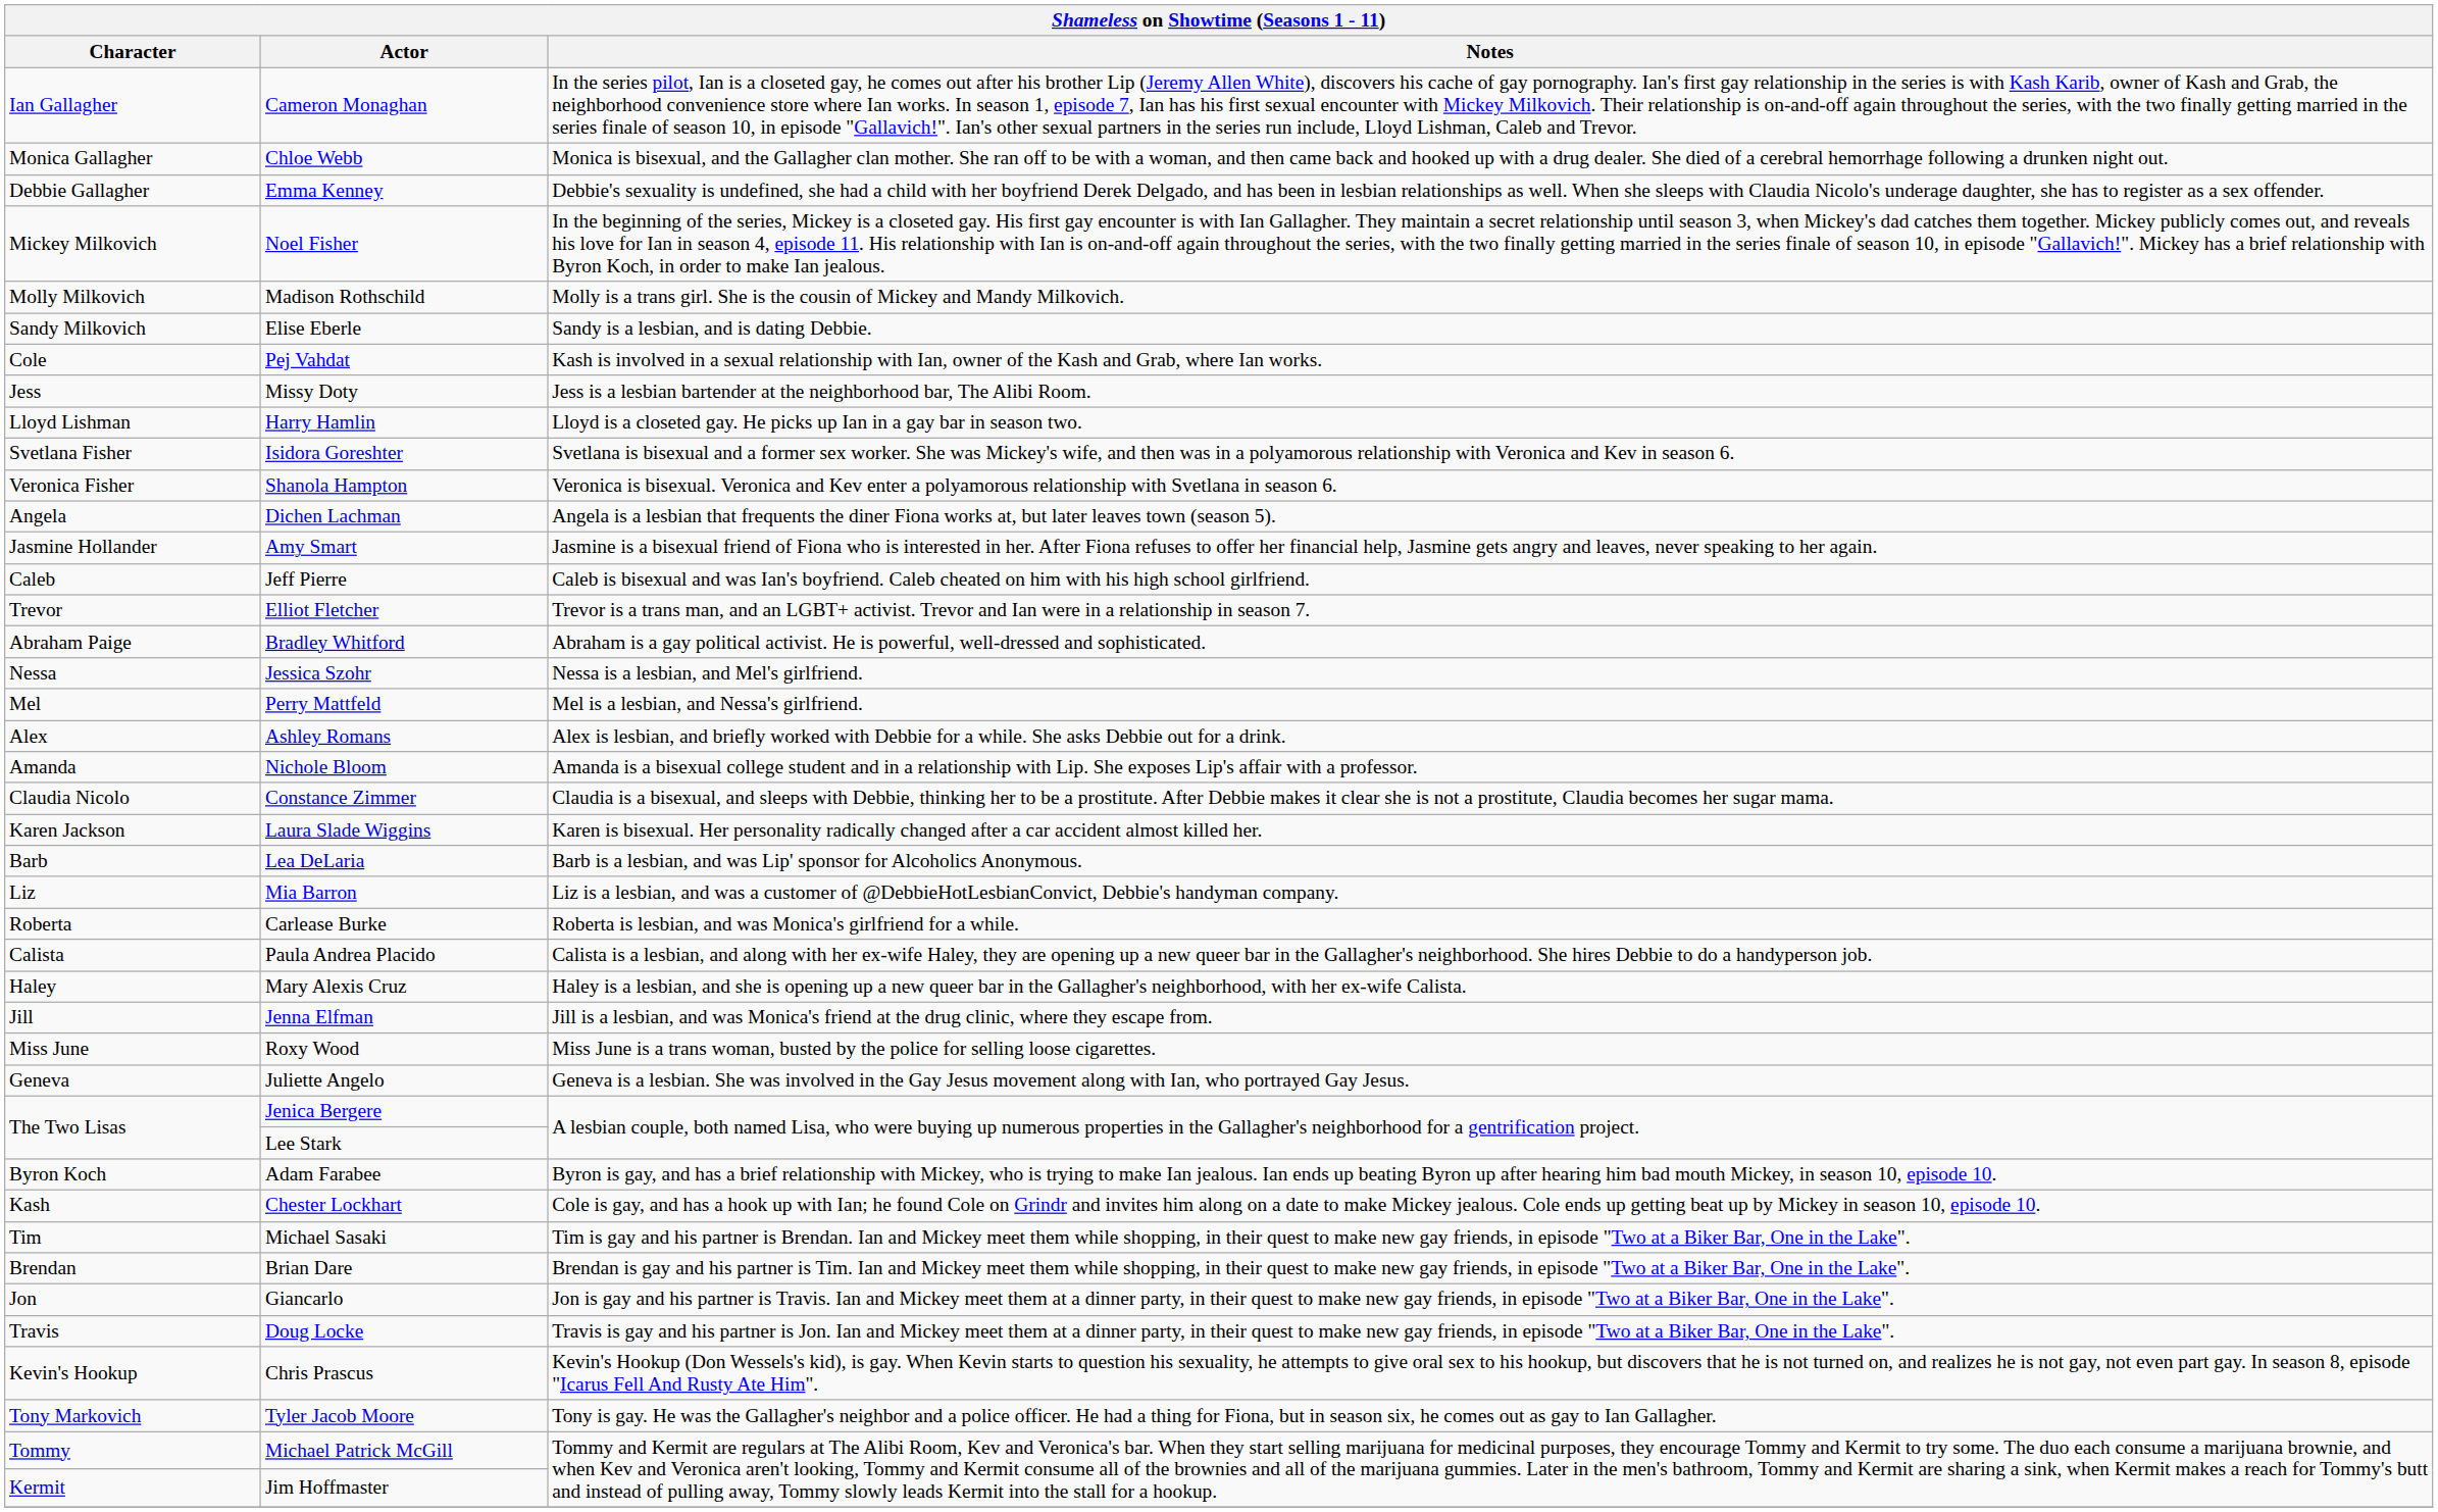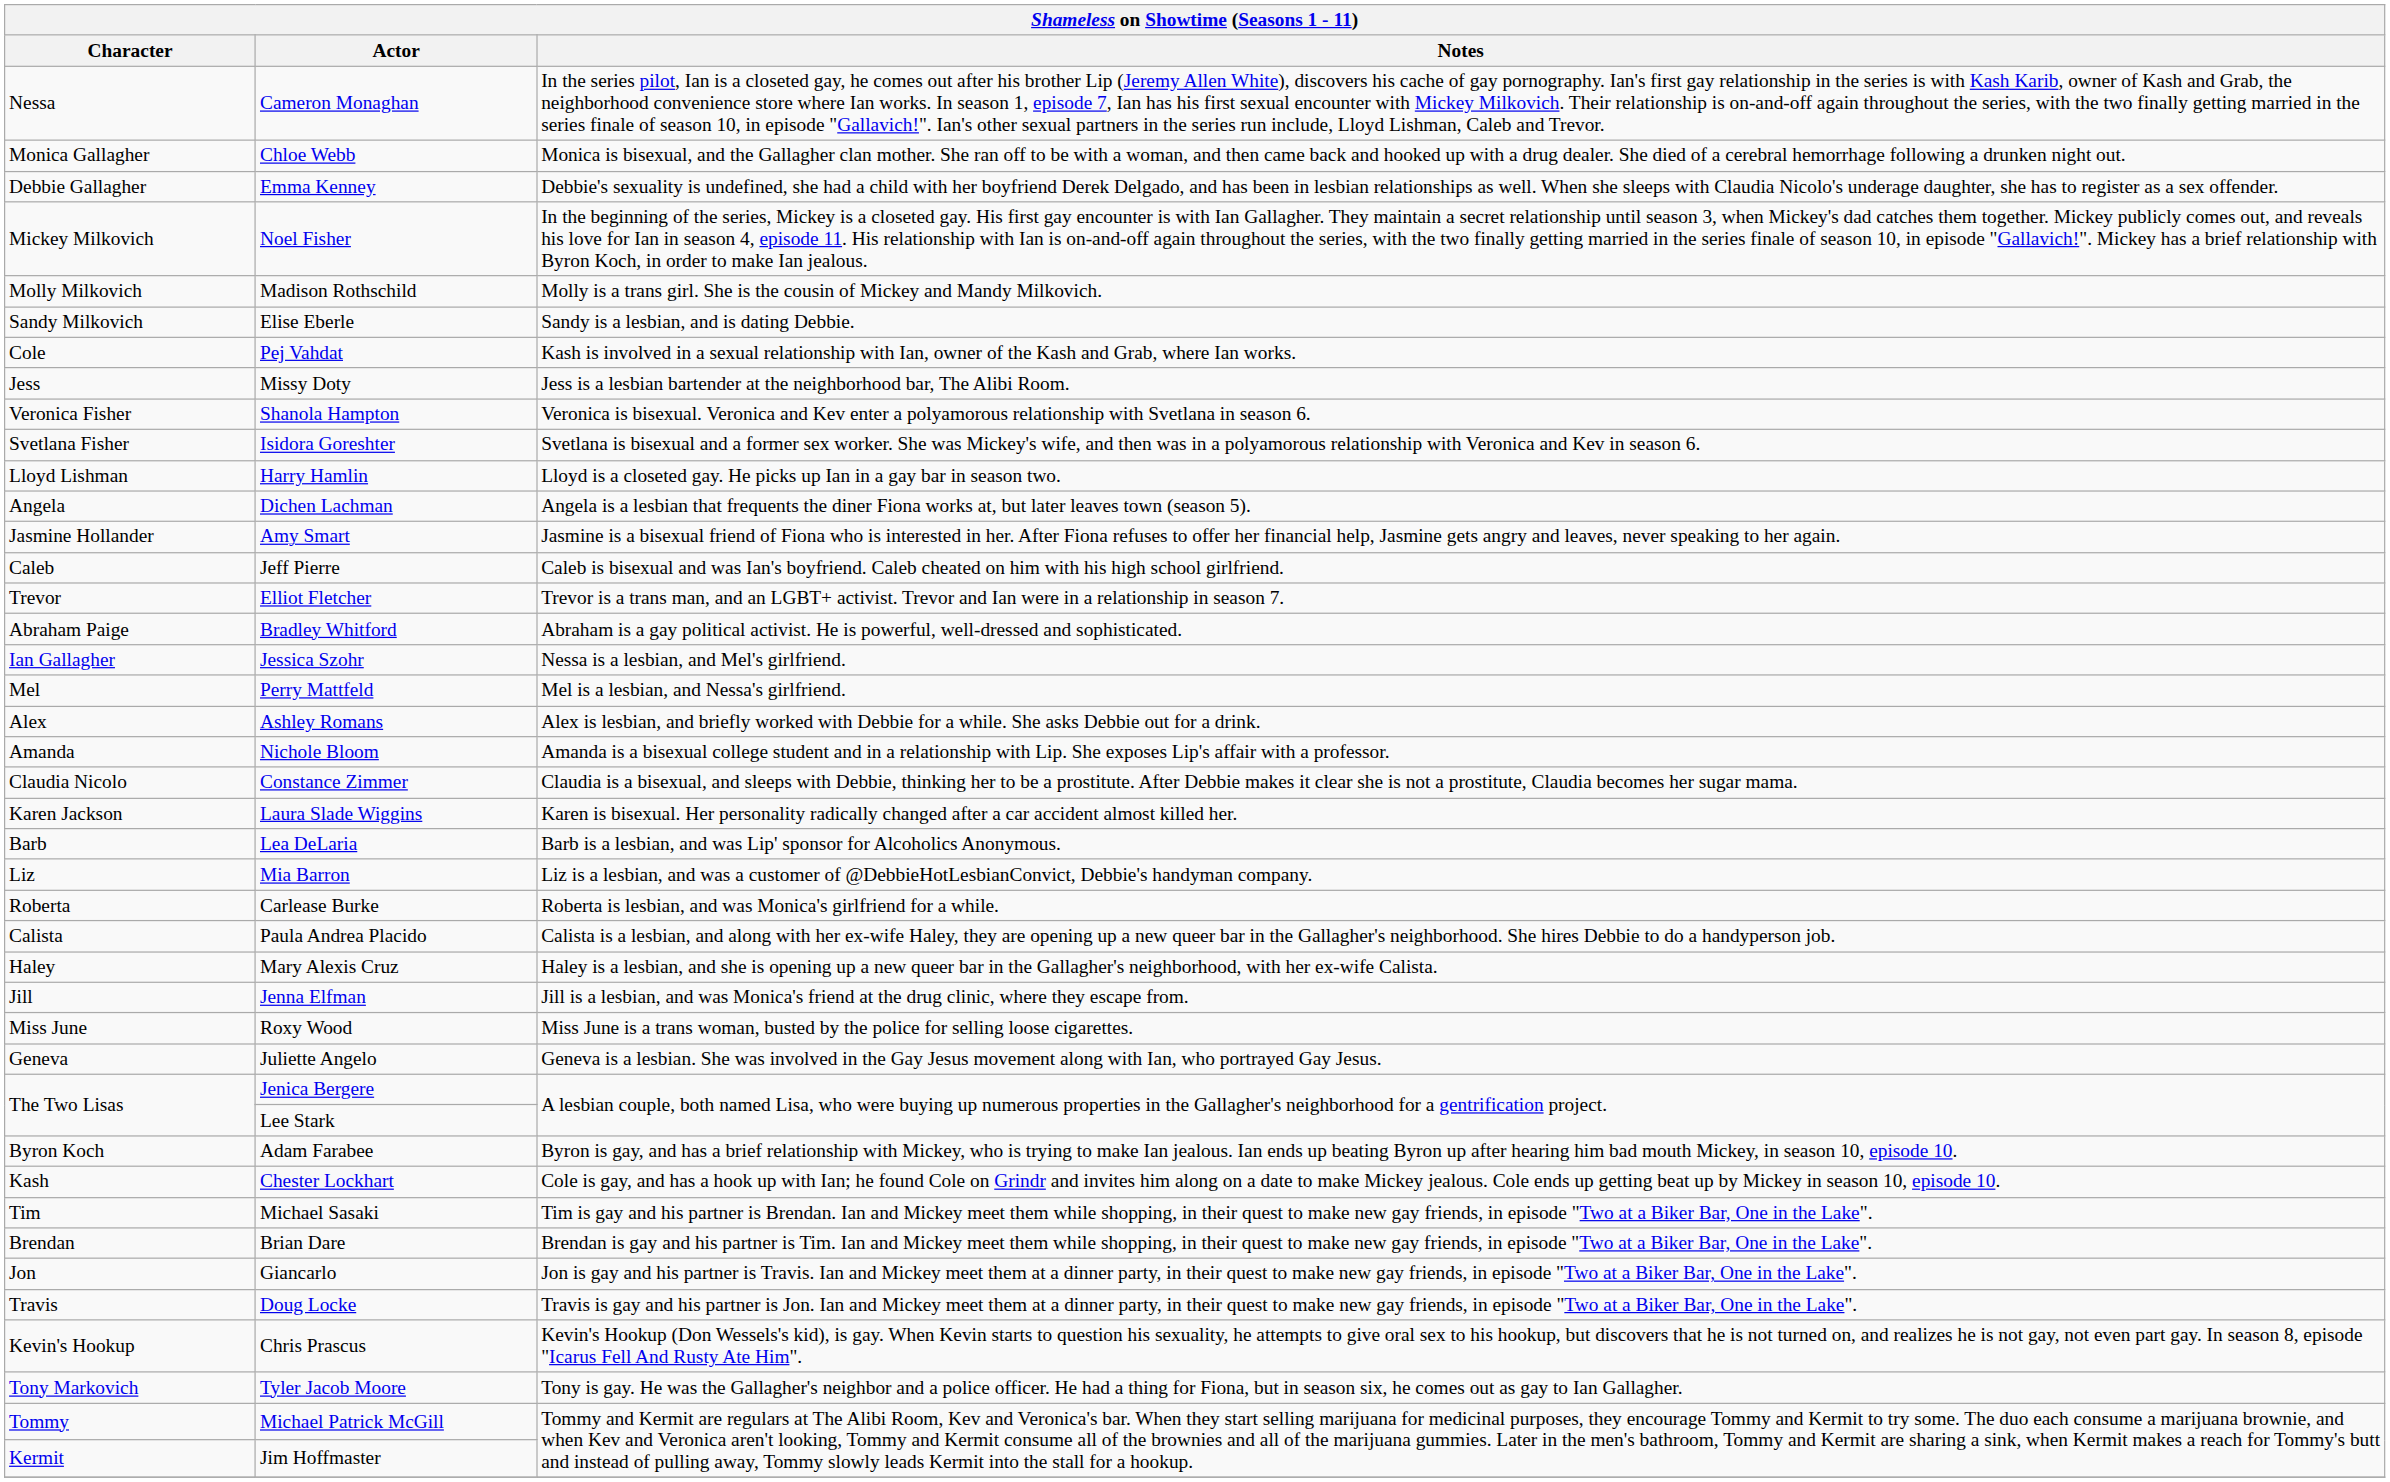 <table class="wikitable" style="margins:auto; width=100%;">
 <tr>
 <th colspan="3"><em><a href='#'>Shameless</a></em> on <a href='#'>Showtime</a> (<a href='#'>Seasons 1 - 11</a>)</th>
 </tr>
 <tr>
 <th style="width:200px;">Character</th>
 <th style="width:225px;">Actor</th>
 <th>Notes</th>
 </tr>
 <tr>
-<td><a href='#'>Ian Gallagher</a></td>
+<td>Nessa</td>
 <td><a href='#'>Cameron Monaghan</a></td>
 <td>In the series <a href='#'>pilot</a>, Ian is a closeted gay, he comes out after his brother Lip (<a href='#'>Jeremy Allen White</a>), discovers his cache of gay pornography. Ian's first gay relationship in the series is with <a href='#'>Kash Karib</a>, owner of Kash and Grab, the neighborhood convenience store where Ian works. In season 1, <a href='#'>episode 7</a>, Ian has his first sexual encounter with <a href='#'>Mickey Milkovich</a>. Their relationship is on-and-off again throughout the series, with the two finally getting married in the series finale of season 10, in episode "<a href='#'>Gallavich!</a>". Ian's other sexual partners in the series run include, Lloyd Lishman, Caleb and Trevor.</td>
 </tr>
 <tr>
 <td>Monica Gallagher</td>
 <td><a href='#'>Chloe Webb</a></td>
 <td>Monica is bisexual, and the Gallagher clan mother. She ran off to be with a woman, and then came back and hooked up with a drug dealer. She died of a cerebral hemorrhage following a drunken night out.</td>
 </tr>
 <tr>
 <td>Debbie Gallagher</td>
 <td><a href='#'>Emma Kenney</a></td>
 <td>Debbie's sexuality is undefined, she had a child with her boyfriend Derek Delgado, and has been in lesbian relationships as well. When she sleeps with Claudia Nicolo's underage daughter, she has to register as a sex offender.</td>
 </tr>
 <tr>
 <td>Mickey Milkovich</td>
 <td><a href='#'>Noel Fisher</a></td>
 <td>In the beginning of the series, Mickey is a closeted gay. His first gay encounter is with Ian Gallagher. They maintain a secret relationship until season 3, when Mickey's dad catches them together. Mickey publicly comes out, and reveals his love for Ian in season 4, <a href='#'>episode 11</a>. His relationship with Ian is on-and-off again throughout the series, with the two finally getting married in the series finale of season 10, in episode "<a href='#'>Gallavich!</a>". Mickey has a brief relationship with Byron Koch, in order to make Ian jealous.</td>
 </tr>
 <tr>
 <td>Molly Milkovich</td>
 <td>Madison Rothschild</td>
 <td>Molly is a trans girl. She is the cousin of Mickey and Mandy Milkovich.</td>
 </tr>
 <tr>
 <td>Sandy Milkovich</td>
 <td>Elise Eberle</td>
 <td>Sandy is a lesbian, and is dating Debbie.</td>
 </tr>
 <tr>
 <td>Cole</td>
 <td><a href='#'>Pej Vahdat</a></td>
 <td>Kash is involved in a sexual relationship with Ian, owner of the Kash and Grab, where Ian works.</td>
 </tr>
 <tr>
 <td>Jess</td>
 <td>Missy Doty</td>
 <td>Jess is a lesbian bartender at the neighborhood bar, The Alibi Room.</td>
 </tr>
 <tr>
-<td>Lloyd Lishman</td>
-<td><a href='#'>Harry Hamlin</a></td>
-<td>Lloyd is a closeted gay. He picks up Ian in a gay bar in season two.</td>
+<td>Veronica Fisher</td>
+<td><a href='#'>Shanola Hampton</a></td>
+<td>Veronica is bisexual. Veronica and Kev enter a polyamorous relationship with Svetlana in season 6.</td>
 </tr>
 <tr>
 <td>Svetlana Fisher</td>
 <td><a href='#'>Isidora Goreshter</a></td>
 <td>Svetlana is bisexual and a former sex worker. She was Mickey's wife, and then was in a polyamorous relationship with Veronica and Kev in season 6.</td>
 </tr>
 <tr>
-<td>Veronica Fisher</td>
-<td><a href='#'>Shanola Hampton</a></td>
-<td>Veronica is bisexual. Veronica and Kev enter a polyamorous relationship with Svetlana in season 6.</td>
+<td>Lloyd Lishman</td>
+<td><a href='#'>Harry Hamlin</a></td>
+<td>Lloyd is a closeted gay. He picks up Ian in a gay bar in season two.</td>
 </tr>
 <tr>
 <td>Angela</td>
 <td><a href='#'>Dichen Lachman</a></td>
 <td>Angela is a lesbian that frequents the diner Fiona works at, but later leaves town (season 5).</td>
 </tr>
 <tr>
 <td>Jasmine Hollander</td>
 <td><a href='#'>Amy Smart</a></td>
 <td>Jasmine is a bisexual friend of Fiona who is interested in her. After Fiona refuses to offer her financial help, Jasmine gets angry and leaves, never speaking to her again.</td>
 </tr>
 <tr>
 <td>Caleb</td>
 <td>Jeff Pierre</td>
 <td>Caleb is bisexual and was Ian's boyfriend. Caleb cheated on him with his high school girlfriend.</td>
 </tr>
 <tr>
 <td>Trevor</td>
 <td><a href='#'>Elliot Fletcher</a></td>
 <td>Trevor is a trans man, and an LGBT+ activist. Trevor and Ian were in a relationship in season 7.</td>
 </tr>
 <tr>
 <td>Abraham Paige</td>
 <td><a href='#'>Bradley Whitford</a></td>
 <td>Abraham is a gay political activist. He is powerful, well-dressed and sophisticated.</td>
 </tr>
 <tr>
-<td>Nessa</td>
+<td><a href='#'>Ian Gallagher</a></td>
 <td><a href='#'>Jessica Szohr</a></td>
 <td>Nessa is a lesbian, and Mel's girlfriend.</td>
 </tr>
 <tr>
 <td>Mel</td>
 <td><a href='#'>Perry Mattfeld</a></td>
 <td>Mel is a lesbian, and Nessa's girlfriend.</td>
 </tr>
 <tr>
 <td>Alex</td>
 <td><a href='#'>Ashley Romans</a></td>
 <td>Alex is lesbian, and briefly worked with Debbie for a while. She asks Debbie out for a drink.</td>
 </tr>
 <tr>
 <td>Amanda</td>
 <td><a href='#'>Nichole Bloom</a></td>
 <td>Amanda is a bisexual college student and in a relationship with Lip. She exposes Lip's affair with a professor.</td>
 </tr>
 <tr>
 <td>Claudia Nicolo</td>
 <td><a href='#'>Constance Zimmer</a></td>
 <td>Claudia is a bisexual, and sleeps with Debbie, thinking her to be a prostitute. After Debbie makes it clear she is not a prostitute, Claudia becomes her sugar mama.</td>
 </tr>
 <tr>
 <td>Karen Jackson</td>
 <td><a href='#'>Laura Slade Wiggins</a></td>
 <td>Karen is bisexual. Her personality radically changed after a car accident almost killed her.</td>
 </tr>
 <tr>
 <td>Barb</td>
 <td><a href='#'>Lea DeLaria</a></td>
 <td>Barb is a lesbian, and was Lip' sponsor for Alcoholics Anonymous.</td>
 </tr>
 <tr>
 <td>Liz</td>
 <td><a href='#'>Mia Barron</a></td>
 <td>Liz is a lesbian, and was a customer of @DebbieHotLesbianConvict, Debbie's handyman company.</td>
 </tr>
 <tr>
 <td>Roberta</td>
 <td>Carlease Burke</td>
 <td>Roberta is lesbian, and was Monica's girlfriend for a while.</td>
 </tr>
 <tr>
 <td>Calista</td>
 <td>Paula Andrea Placido</td>
 <td>Calista is a lesbian, and along with her ex-wife Haley, they are opening up a new queer bar in the Gallagher's neighborhood. She hires Debbie to do a handyperson job.</td>
 </tr>
 <tr>
 <td>Haley</td>
 <td>Mary Alexis Cruz</td>
 <td>Haley is a lesbian, and she is opening up a new queer bar in the Gallagher's neighborhood, with her ex-wife Calista.</td>
 </tr>
 <tr>
 <td>Jill</td>
 <td><a href='#'>Jenna Elfman</a></td>
 <td>Jill is a lesbian, and was Monica's friend at the drug clinic, where they escape from.</td>
 </tr>
 <tr>
 <td>Miss June</td>
 <td>Roxy Wood</td>
 <td>Miss June is a trans woman, busted by the police for selling loose cigarettes.</td>
 </tr>
 <tr>
 <td>Geneva</td>
 <td>Juliette Angelo</td>
 <td>Geneva is a lesbian. She was involved in the Gay Jesus movement along with Ian, who portrayed Gay Jesus.</td>
 </tr>
 <tr>
 <td rowspan="2">The Two Lisas</td>
 <td><a href='#'>Jenica Bergere</a></td>
 <td rowspan="2">A lesbian couple, both named Lisa, who were buying up numerous properties in the Gallagher's neighborhood for a <a href='#'>gentrification</a> project.</td>
 </tr>
 <tr>
 <td>Lee Stark</td>
 </tr>
 <tr>
 <td>Byron Koch</td>
 <td>Adam Farabee</td>
 <td>Byron is gay, and has a brief relationship with Mickey, who is trying to make Ian jealous. Ian ends up beating Byron up after hearing him bad mouth Mickey, in season 10, <a href='#'>episode 10</a>.</td>
 </tr>
 <tr>
 <td>Kash</td>
 <td><a href='#'>Chester Lockhart</a></td>
 <td>Cole is gay, and has a hook up with Ian; he found Cole on <a href='#'>Grindr</a> and invites him along on a date to make Mickey jealous. Cole ends up getting beat up by Mickey in season 10, <a href='#'>episode 10</a>.</td>
 </tr>
 <tr>
 <td>Tim</td>
 <td>Michael Sasaki</td>
 <td>Tim is gay and his partner is Brendan. Ian and Mickey meet them while shopping, in their quest to make new gay friends, in episode "<a href='#'>Two at a Biker Bar, One in the Lake</a>".</td>
 </tr>
 <tr>
 <td>Brendan</td>
 <td>Brian Dare</td>
 <td>Brendan is gay and his partner is Tim. Ian and Mickey meet them while shopping, in their quest to make new gay friends, in episode "<a href='#'>Two at a Biker Bar, One in the Lake</a>".</td>
 </tr>
 <tr>
 <td>Jon</td>
 <td>Giancarlo</td>
 <td>Jon is gay and his partner is Travis. Ian and Mickey meet them at a dinner party, in their quest to make new gay friends, in episode "<a href='#'>Two at a Biker Bar, One in the Lake</a>".</td>
 </tr>
 <tr>
 <td>Travis</td>
 <td><a href='#'>Doug Locke</a></td>
 <td>Travis is gay and his partner is Jon. Ian and Mickey meet them at a dinner party, in their quest to make new gay friends, in episode "<a href='#'>Two at a Biker Bar, One in the Lake</a>".</td>
 </tr>
 <tr>
 <td>Kevin's Hookup</td>
 <td>Chris Prascus</td>
 <td>Kevin's Hookup (Don Wessels's kid), is gay. When Kevin starts to question his sexuality, he attempts to give oral sex to his hookup, but discovers that he is not turned on, and realizes he is not gay, not even part gay. In season 8, episode "<a href='#'>Icarus Fell And Rusty Ate Him</a>".</td>
 </tr>
 <tr>
 <td><a href='#'>Tony Markovich</a></td>
 <td><a href='#'>Tyler Jacob Moore</a></td>
 <td>Tony is gay. He was the Gallagher's neighbor and a police officer. He had a thing for Fiona, but in season six, he comes out as gay to Ian Gallagher.</td>
 </tr>
 <tr>
 <td><a href='#'>Tommy</a></td>
 <td><a href='#'>Michael Patrick McGill</a></td>
 <td rowspan="2">Tommy and Kermit are regulars at The Alibi Room, Kev and Veronica's bar. When they start selling marijuana for medicinal purposes, they encourage Tommy and Kermit to try some. The duo each consume a marijuana brownie, and when Kev and Veronica aren't looking, Tommy and Kermit consume all of the brownies and all of the marijuana gummies. Later in the men's bathroom, Tommy and Kermit are sharing a sink, when Kermit makes a reach for Tommy's butt and instead of pulling away, Tommy slowly leads Kermit into the stall for a hookup.</td>
 </tr>
 <tr>
 <td><a href='#'>Kermit</a></td>
 <td>Jim Hoffmaster</td>
 </tr>
 <tr>
 </tr>
 </table>
